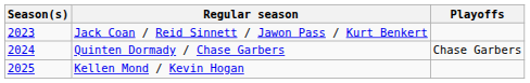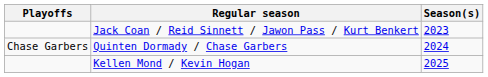 <table class="wikitable">
 <tr>
+<th>Playoffs</th>
+<th>Regular season</th>
 <th>Season(s)</th>
-<th>Regular season</th>
-<th>Playoffs</th>
 </tr>
 <tr>
+<td></td>
+<td><a href='#'>Jack Coan</a>  / <a href='#'>Reid Sinnett</a>  / <a href='#'>Jawon Pass</a>  / <a href='#'>Kurt Benkert</a> </td>
 <td><a href='#'>2023</a></td>
-<td><a href='#'>Jack Coan</a>  / <a href='#'>Reid Sinnett</a>  / <a href='#'>Jawon Pass</a>  / <a href='#'>Kurt Benkert</a> </td>
-<td></td>
 </tr>
 <tr>
+<td>Chase Garbers </td>
+<td><a href='#'>Quinten Dormady</a>  / <a href='#'>Chase Garbers</a> </td>
 <td><a href='#'>2024</a></td>
-<td><a href='#'>Quinten Dormady</a>  / <a href='#'>Chase Garbers</a> </td>
-<td>Chase Garbers </td>
 </tr>
 <tr>
+<td></td>
+<td><a href='#'>Kellen Mond</a>  / <a href='#'>Kevin Hogan</a> </td>
 <td><a href='#'>2025</a></td>
-<td><a href='#'>Kellen Mond</a>  / <a href='#'>Kevin Hogan</a> </td>
-<td></td>
 </tr>
 </table>
